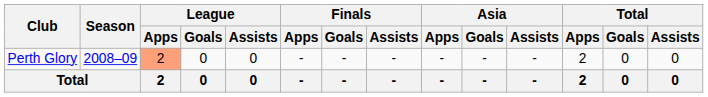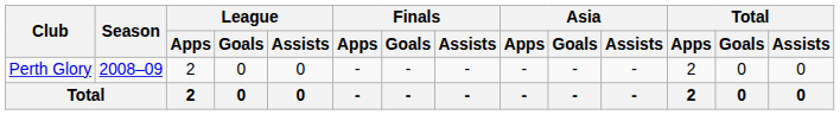 <table class="wikitable" style="text-align: center;">
 <tr>
 <th rowspan="2">Club</th>
 <th rowspan="2">Season</th>
 <th colspan="3">League</th>
 <th colspan="3">Finals</th>
 <th colspan="3">Asia</th>
 <th colspan="3">Total</th>
 </tr>
 <tr>
 <th>Apps</th>
 <th>Goals</th>
 <th>Assists</th>
 <th>Apps</th>
 <th>Goals</th>
 <th>Assists</th>
 <th>Apps</th>
 <th>Goals</th>
 <th>Assists</th>
 <th>Apps</th>
 <th>Goals</th>
 <th>Assists</th>
 </tr>
 <tr>
 <td rowspan="1" valign="center"><a href='#'>Perth Glory</a></td>
 <td><a href='#'>2008–09</a></td>
-<td style="background: lightsalmon;">2</td>
+<td>2</td>
 <td>0</td>
 <td>0</td>
 <td>-</td>
 <td>-</td>
 <td>-</td>
 <td>-</td>
 <td>-</td>
 <td>-</td>
 <td>2</td>
 <td>0</td>
 <td>0</td>
 </tr>
 <tr>
 <th colspan="2">Total</th>
 <th>2</th>
 <th>0</th>
 <th>0</th>
 <th>-</th>
 <th>-</th>
 <th>-</th>
 <th>-</th>
 <th>-</th>
 <th>-</th>
 <th>2</th>
 <th>0</th>
 <th>0</th>
 </tr>
 </table>
